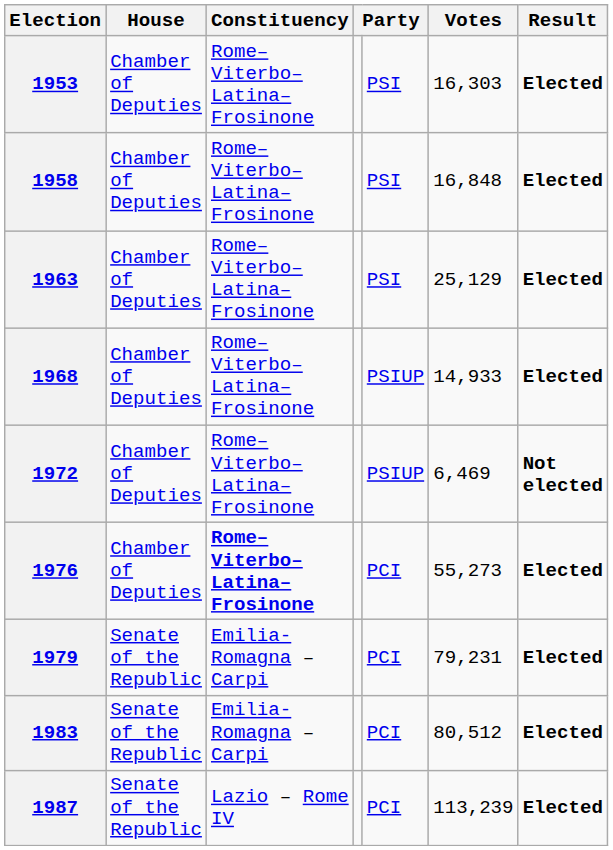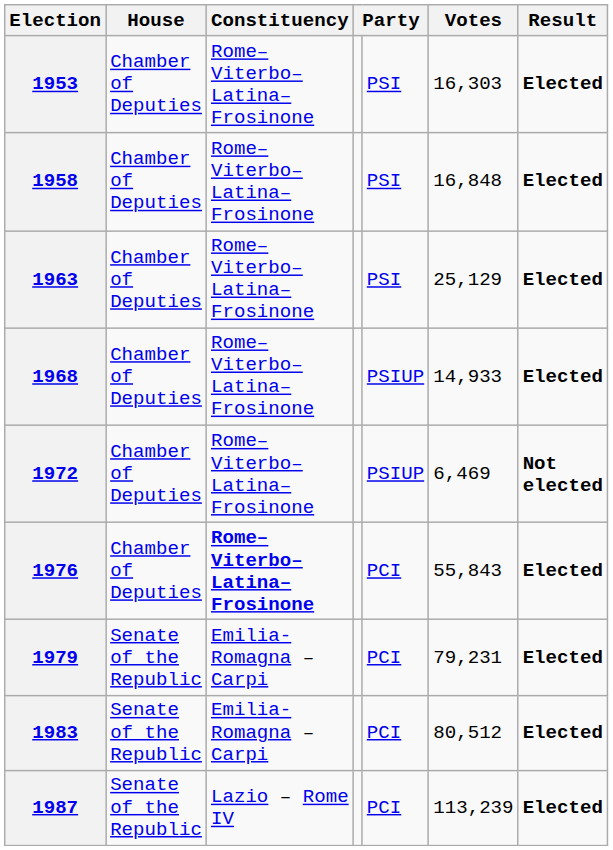 <table class=wikitable style="width:65%; border:1px #AAAAFF solid">
 <tr>
 <th width=12%>Election</th>
 <th width=25%>House</th>
 <th width=33%>Constituency</th>
 <th width=5% colspan="2">Party</th>
 <th width=10%>Votes</th>
 <th width=27%>Result</th>
 </tr>
 <tr>
 <th><a href='#'>1953</a></th>
 <td><a href='#'>Chamber of Deputies</a></td>
 <td><a href='#'>Rome–Viterbo–Latina–Frosinone</a></td>
 <td></td>
 <td><a href='#'>PSI</a></td>
 <td>16,303</td>
 <td> <strong>Elected</strong></td>
 </tr>
 <tr>
 <th><a href='#'>1958</a></th>
 <td><a href='#'>Chamber of Deputies</a></td>
 <td><a href='#'>Rome–Viterbo–Latina–Frosinone</a></td>
 <td></td>
 <td><a href='#'>PSI</a></td>
 <td>16,848</td>
 <td> <strong>Elected</strong></td>
 </tr>
 <tr>
 <th><a href='#'>1963</a></th>
 <td><a href='#'>Chamber of Deputies</a></td>
 <td><a href='#'>Rome–Viterbo–Latina–Frosinone</a></td>
 <td></td>
 <td><a href='#'>PSI</a></td>
 <td>25,129</td>
 <td> <strong>Elected</strong></td>
 </tr>
 <tr>
 <th><a href='#'>1968</a></th>
 <td><a href='#'>Chamber of Deputies</a></td>
 <td><a href='#'>Rome–Viterbo–Latina–Frosinone</a></td>
 <td></td>
 <td><a href='#'>PSIUP</a></td>
 <td>14,933</td>
 <td> <strong>Elected</strong></td>
 </tr>
 <tr>
 <th><a href='#'>1972</a></th>
 <td><a href='#'>Chamber of Deputies</a></td>
 <td><a href='#'>Rome–Viterbo–Latina–Frosinone</a></td>
 <td></td>
 <td><a href='#'>PSIUP</a></td>
 <td>6,469</td>
 <td> <strong>Not elected</strong></td>
 </tr>
 <tr>
 <th><a href='#'>1976</a></th>
 <td><a href='#'>Chamber of Deputies</a></td>
 <td><strong><a href='#'>Rome–Viterbo–Latina–Frosinone</a></strong></td>
 <td></td>
 <td><a href='#'>PCI</a></td>
-<td>55,273</td>
+<td>55,843</td>
 <td> <strong>Elected</strong></td>
 </tr>
 <tr>
 <th><a href='#'>1979</a></th>
 <td><a href='#'>Senate of the Republic</a></td>
 <td><a href='#'>Emilia-Romagna</a> – <a href='#'>Carpi</a></td>
 <td></td>
 <td><a href='#'>PCI</a></td>
 <td>79,231</td>
 <td> <strong>Elected</strong></td>
 </tr>
 <tr>
 <th><a href='#'>1983</a></th>
 <td><a href='#'>Senate of the Republic</a></td>
 <td><a href='#'>Emilia-Romagna</a> – <a href='#'>Carpi</a></td>
 <td></td>
 <td><a href='#'>PCI</a></td>
 <td>80,512</td>
 <td> <strong>Elected</strong></td>
 </tr>
 <tr>
 <th><a href='#'>1987</a></th>
 <td><a href='#'>Senate of the Republic</a></td>
 <td><a href='#'>Lazio</a> – <a href='#'>Rome IV</a></td>
 <td></td>
 <td><a href='#'>PCI</a></td>
 <td>113,239</td>
 <td> <strong>Elected</strong></td>
 </tr>
 </table>
